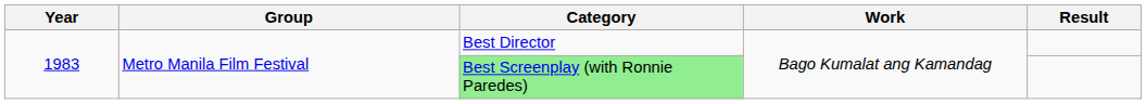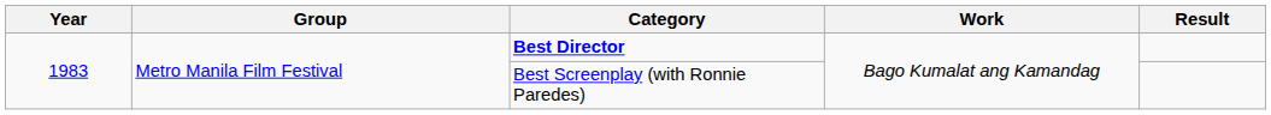 <table | width="90%" class="wikitable sortable">
 <tr>
 <th width="10%">Year</th>
 <th width="30%">Group</th>
 <th width="25%">Category</th>
 <th width="25%">Work</th>
 <th width="10%">Result</th>
 </tr>
 <tr>
 <td rowspan="2" align="center"><a href='#'>1983</a></td>
 <td rowspan="2" align="left"><a href='#'>Metro Manila Film Festival</a></td>
-<td align="left"><a href='#'>Best Director</a></td>
+<td align="left"><strong><a href='#'>Best Director</a></strong></td>
 <td align="center" rowspan=2><em>Bago Kumalat ang Kamandag</em></td>
 <td></td>
 </tr>
 <tr>
-<td style="background: lightgreen;"><a href='#'>Best Screenplay</a> (with Ronnie Paredes)</td>
+<td><a href='#'>Best Screenplay</a> (with Ronnie Paredes)</td>
 <td></td>
 </tr>
 </table>
